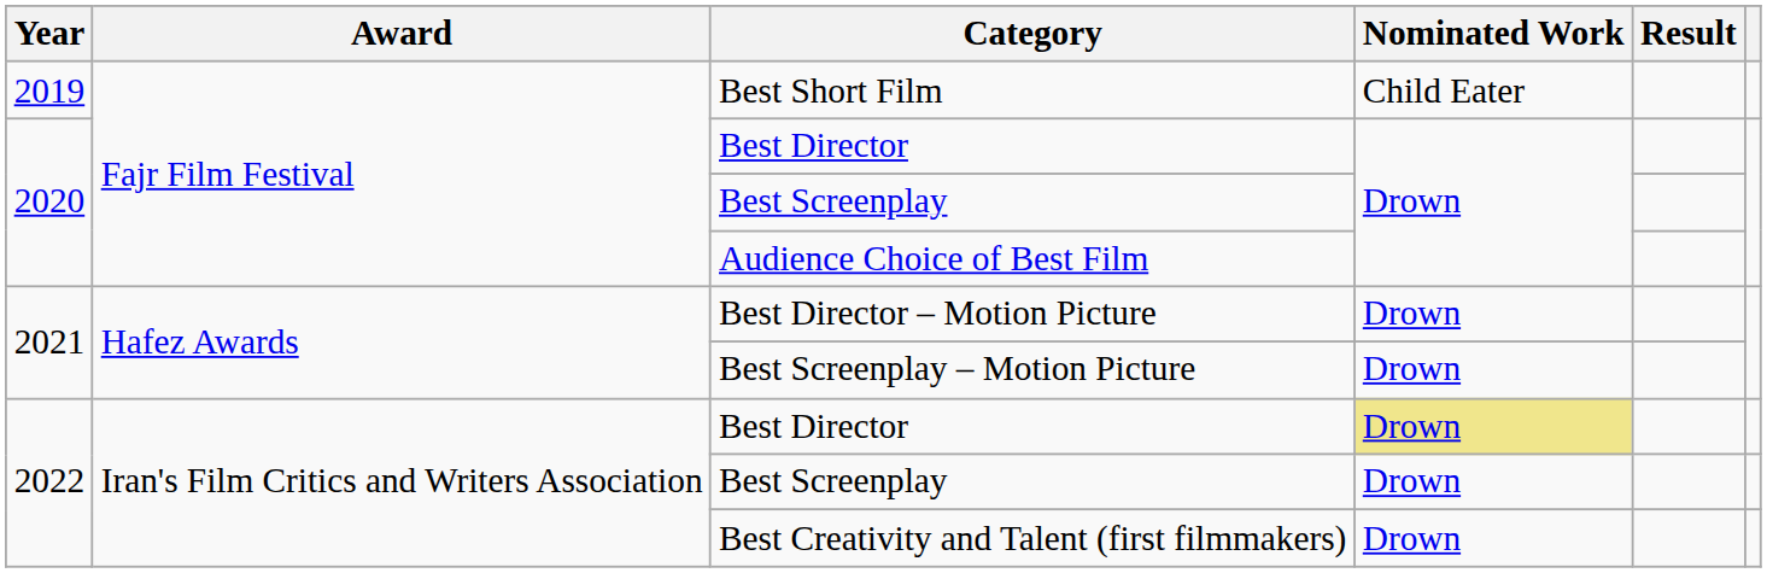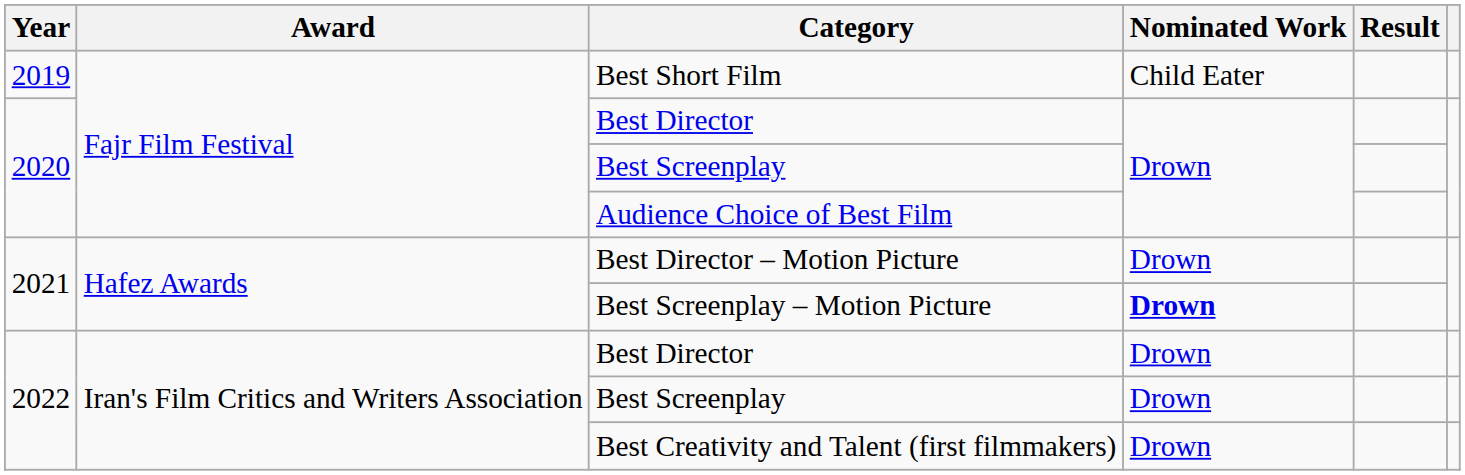 <table class="wikitable sortable">
 <tr>
 <th>Year</th>
 <th>Award</th>
 <th>Category</th>
 <th>Nominated Work</th>
 <th>Result</th>
 <th></th>
 </tr>
 <tr>
 <td><a href='#'>2019</a></td>
 <td rowspan="4"><a href='#'>Fajr Film Festival</a></td>
 <td>Best Short Film</td>
 <td>Child Eater</td>
 <td></td>
 <td></td>
 </tr>
 <tr>
 <td rowspan="3"><a href='#'>2020</a></td>
 <td><a href='#'>Best Director</a></td>
 <td rowspan="3"><a href='#'>Drown</a></td>
 <td></td>
 <td rowspan="3"></td>
 </tr>
 <tr>
 <td><a href='#'>Best Screenplay</a></td>
 <td></td>
 </tr>
 <tr>
 <td><a href='#'>Audience Choice of Best Film</a></td>
 <td></td>
 </tr>
 <tr>
 <td rowspan="2">2021</td>
 <td rowspan="2"><a href='#'>Hafez Awards</a></td>
 <td>Best Director – Motion Picture</td>
 <td><a href='#'>Drown</a></td>
 <td></td>
 <td rowspan="2"></td>
 </tr>
 <tr>
 <td>Best Screenplay – Motion Picture</td>
-<td><a href='#'>Drown</a></td>
+<td><strong><a href='#'>Drown</a></strong></td>
 <td></td>
 </tr>
 <tr>
 <td rowspan="3">2022</td>
 <td rowspan="3">Iran's Film Critics and Writers Association</td>
 <td>Best Director</td>
-<td style="background: khaki;"><a href='#'>Drown</a></td>
+<td><a href='#'>Drown</a></td>
 <td></td>
 <td></td>
 </tr>
 <tr>
 <td>Best Screenplay</td>
 <td><a href='#'>Drown</a></td>
 <td></td>
 <td></td>
 </tr>
 <tr>
 <td>Best Creativity and Talent (first filmmakers)</td>
 <td><a href='#'>Drown</a></td>
 <td></td>
 <td></td>
 </tr>
 </table>
